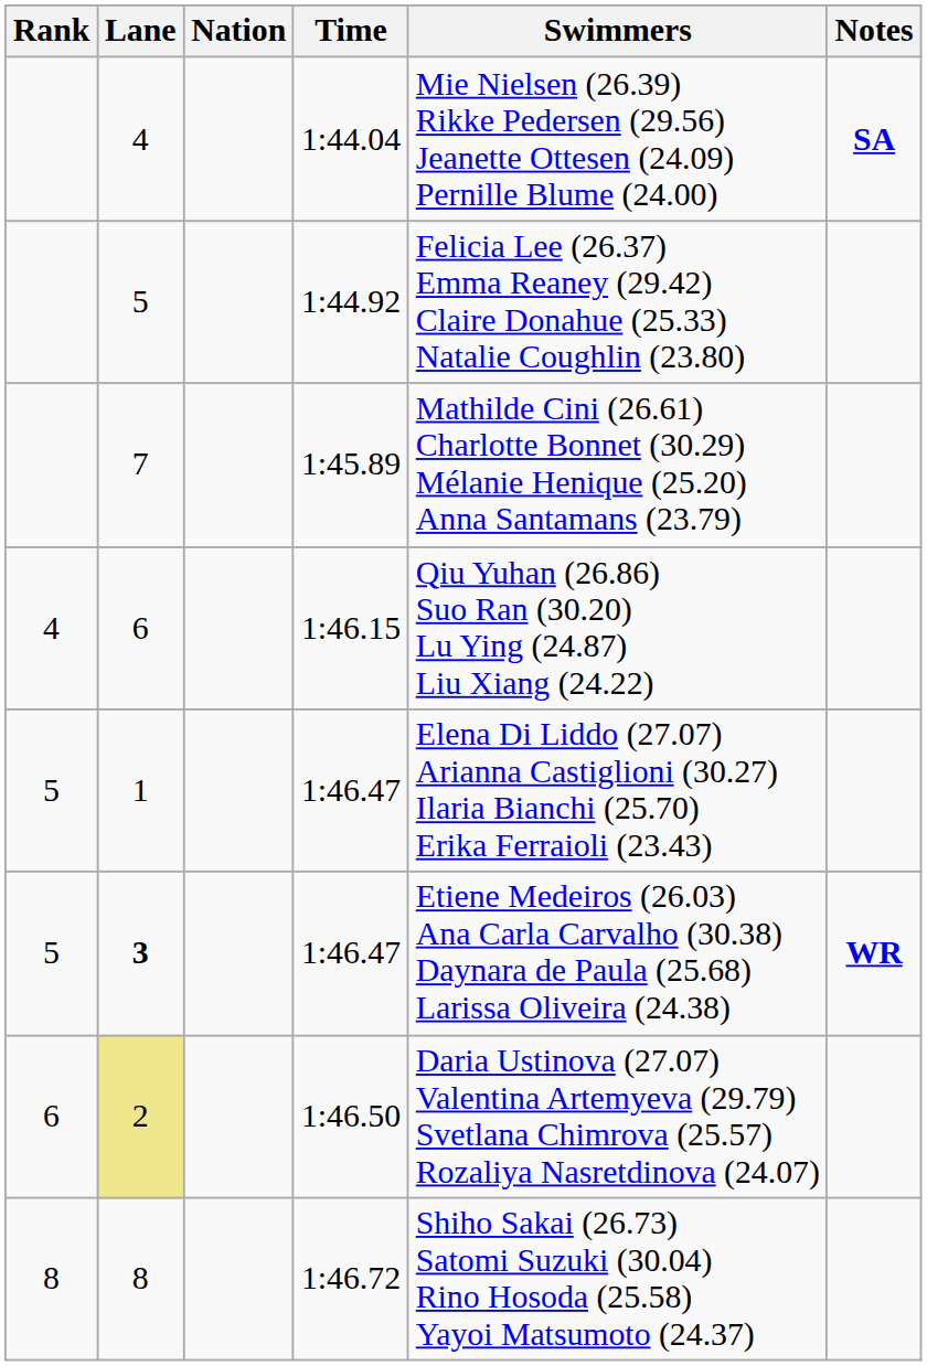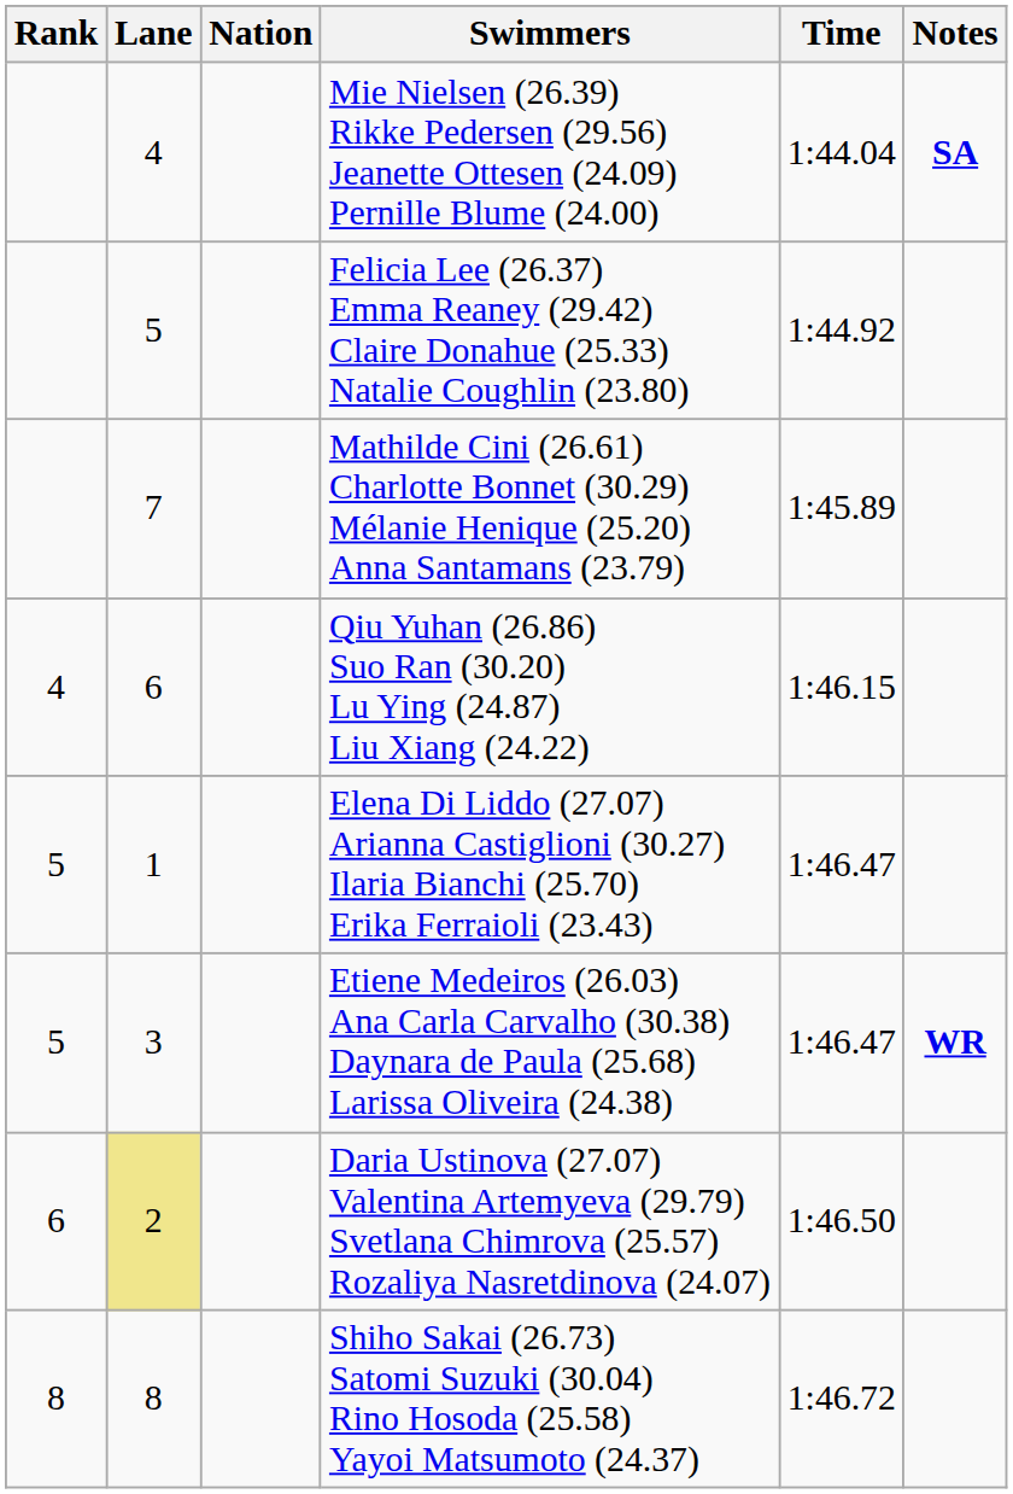 <table class="wikitable sortable" style="text-align:center">
 <tr>
 <th>Rank</th>
 <th>Lane</th>
 <th>Nation</th>
+<th>Swimmers</th>
 <th>Time</th>
-<th>Swimmers</th>
 <th>Notes</th>
 </tr>
 <tr>
 <td></td>
 <td>4</td>
 <td align=left></td>
+<td align=left><a href='#'>Mie Nielsen</a> (26.39)<br><a href='#'>Rikke Pedersen</a> (29.56)<br><a href='#'>Jeanette Ottesen</a> (24.09)<br><a href='#'>Pernille Blume</a> (24.00)</td>
 <td>1:44.04</td>
-<td align=left><a href='#'>Mie Nielsen</a> (26.39)<br><a href='#'>Rikke Pedersen</a> (29.56)<br><a href='#'>Jeanette Ottesen</a> (24.09)<br><a href='#'>Pernille Blume</a> (24.00)</td>
 <td><strong><a href='#'>SA</a></strong></td>
 </tr>
 <tr>
 <td></td>
 <td>5</td>
 <td align=left></td>
+<td align=left><a href='#'>Felicia Lee</a> (26.37)<br><a href='#'>Emma Reaney</a> (29.42)<br><a href='#'>Claire Donahue</a> (25.33)<br><a href='#'>Natalie Coughlin</a> (23.80)</td>
 <td>1:44.92</td>
-<td align=left><a href='#'>Felicia Lee</a> (26.37)<br><a href='#'>Emma Reaney</a> (29.42)<br><a href='#'>Claire Donahue</a> (25.33)<br><a href='#'>Natalie Coughlin</a> (23.80)</td>
 <td></td>
 </tr>
 <tr>
 <td></td>
 <td>7</td>
 <td align=left></td>
+<td align=left><a href='#'>Mathilde Cini</a> (26.61)<br><a href='#'>Charlotte Bonnet</a> (30.29)<br><a href='#'>Mélanie Henique</a> (25.20)<br><a href='#'>Anna Santamans</a> (23.79)</td>
 <td>1:45.89</td>
-<td align=left><a href='#'>Mathilde Cini</a> (26.61)<br><a href='#'>Charlotte Bonnet</a> (30.29)<br><a href='#'>Mélanie Henique</a> (25.20)<br><a href='#'>Anna Santamans</a> (23.79)</td>
 <td></td>
 </tr>
 <tr>
 <td>4</td>
 <td>6</td>
 <td align=left></td>
+<td align=left><a href='#'>Qiu Yuhan</a> (26.86)<br><a href='#'>Suo Ran</a> (30.20)<br><a href='#'>Lu Ying</a> (24.87)<br><a href='#'>Liu Xiang</a> (24.22)</td>
 <td>1:46.15</td>
-<td align=left><a href='#'>Qiu Yuhan</a> (26.86)<br><a href='#'>Suo Ran</a> (30.20)<br><a href='#'>Lu Ying</a> (24.87)<br><a href='#'>Liu Xiang</a> (24.22)</td>
 <td></td>
 </tr>
 <tr>
 <td>5</td>
 <td>1</td>
 <td align=left></td>
+<td align=left><a href='#'>Elena Di Liddo</a> (27.07)<br><a href='#'>Arianna Castiglioni</a> (30.27)<br><a href='#'>Ilaria Bianchi</a> (25.70)<br><a href='#'>Erika Ferraioli</a> (23.43)</td>
 <td>1:46.47</td>
-<td align=left><a href='#'>Elena Di Liddo</a> (27.07)<br><a href='#'>Arianna Castiglioni</a> (30.27)<br><a href='#'>Ilaria Bianchi</a> (25.70)<br><a href='#'>Erika Ferraioli</a> (23.43)</td>
 <td></td>
 </tr>
 <tr>
 <td>5</td>
-<td><strong>3</strong></td>
+<td>3</td>
 <td align=left></td>
+<td align=left><a href='#'>Etiene Medeiros</a> (26.03)<br><a href='#'>Ana Carla Carvalho</a> (30.38)<br><a href='#'>Daynara de Paula</a> (25.68)<br><a href='#'>Larissa Oliveira</a> (24.38)</td>
 <td>1:46.47</td>
-<td align=left><a href='#'>Etiene Medeiros</a> (26.03)<br><a href='#'>Ana Carla Carvalho</a> (30.38)<br><a href='#'>Daynara de Paula</a> (25.68)<br><a href='#'>Larissa Oliveira</a> (24.38)</td>
 <td><strong><a href='#'>WR</a></strong></td>
 </tr>
 <tr>
 <td>6</td>
 <td style="background: khaki;">2</td>
 <td align=left></td>
+<td align=left><a href='#'>Daria Ustinova</a> (27.07)<br><a href='#'>Valentina Artemyeva</a> (29.79)<br><a href='#'>Svetlana Chimrova</a> (25.57)<br><a href='#'>Rozaliya Nasretdinova</a> (24.07)</td>
 <td>1:46.50</td>
-<td align=left><a href='#'>Daria Ustinova</a> (27.07)<br><a href='#'>Valentina Artemyeva</a> (29.79)<br><a href='#'>Svetlana Chimrova</a> (25.57)<br><a href='#'>Rozaliya Nasretdinova</a> (24.07)</td>
 <td></td>
 </tr>
 <tr>
 <td>8</td>
 <td>8</td>
 <td align=left></td>
+<td align=left><a href='#'>Shiho Sakai</a> (26.73)<br><a href='#'>Satomi Suzuki</a> (30.04)<br><a href='#'>Rino Hosoda</a> (25.58)<br><a href='#'>Yayoi Matsumoto</a> (24.37)</td>
 <td>1:46.72</td>
-<td align=left><a href='#'>Shiho Sakai</a> (26.73)<br><a href='#'>Satomi Suzuki</a> (30.04)<br><a href='#'>Rino Hosoda</a> (25.58)<br><a href='#'>Yayoi Matsumoto</a> (24.37)</td>
 <td></td>
 </tr>
 </table>
